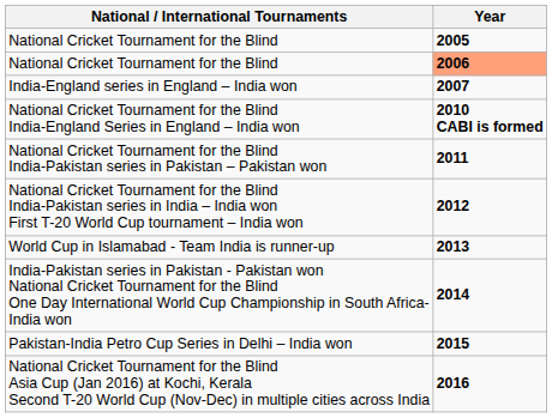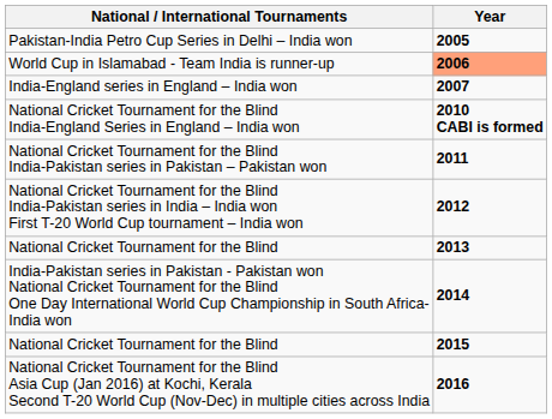 <table class="wikitable">
 <tr>
 <th>National / International Tournaments</th>
 <th>Year</th>
 </tr>
 <tr>
-<td>National Cricket Tournament for the Blind</td>
+<td>Pakistan-India  Petro Cup Series in Delhi – India won</td>
 <td><strong>2005</strong></td>
 </tr>
 <tr>
-<td>National Cricket Tournament for the Blind</td>
+<td>World  Cup in Islamabad - Team India is runner-up</td>
 <td style="background: lightsalmon;"><strong>2006</strong></td>
 </tr>
 <tr>
 <td>India-England  series in England – India won</td>
 <td><strong>2007</strong></td>
 </tr>
 <tr>
 <td>National Cricket Tournament for the Blind<br>India-England Series in England – India won</td>
 <td><strong>2010</strong><br><strong>CABI is formed</strong></td>
 </tr>
 <tr>
 <td>National Cricket Tournament for the Blind<br>India-Pakistan series in Pakistan – Pakistan  won</td>
 <td><strong>2011</strong></td>
 </tr>
 <tr>
 <td>National Cricket Tournament for the Blind<br>India-Pakistan series in India – India won<br>First  T-20 World Cup tournament – India won</td>
 <td><strong>2012</strong></td>
 </tr>
 <tr>
-<td>World  Cup in Islamabad - Team India is runner-up</td>
+<td>National Cricket Tournament for the Blind</td>
 <td><strong>2013</strong></td>
 </tr>
 <tr>
 <td>India-Pakistan series in Pakistan - Pakistan  won<br>National Cricket Tournament for the Blind<br>One  Day International World Cup Championship in South Africa-<br>India  won</td>
 <td><strong>2014</strong></td>
 </tr>
 <tr>
-<td>Pakistan-India  Petro Cup Series in Delhi – India won</td>
+<td>National Cricket Tournament for the Blind</td>
 <td><strong>2015</strong></td>
 </tr>
 <tr>
 <td>National Cricket Tournament for the Blind<br>Asia  Cup (Jan 2016) at Kochi, Kerala<br>Second  T-20 World Cup (Nov-Dec) in multiple cities across India</td>
 <td><strong>2016</strong></td>
 </tr>
 </table>
